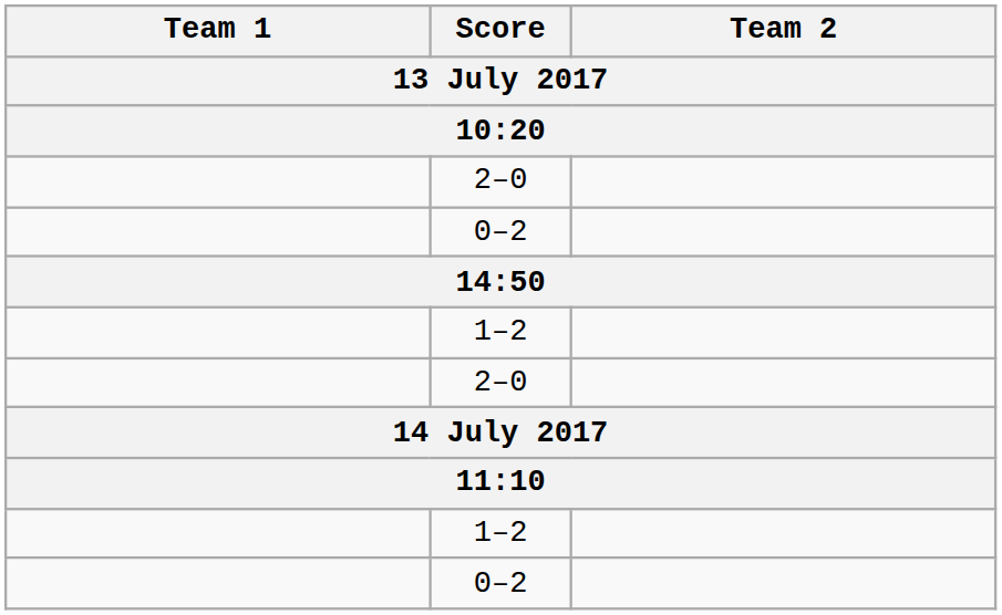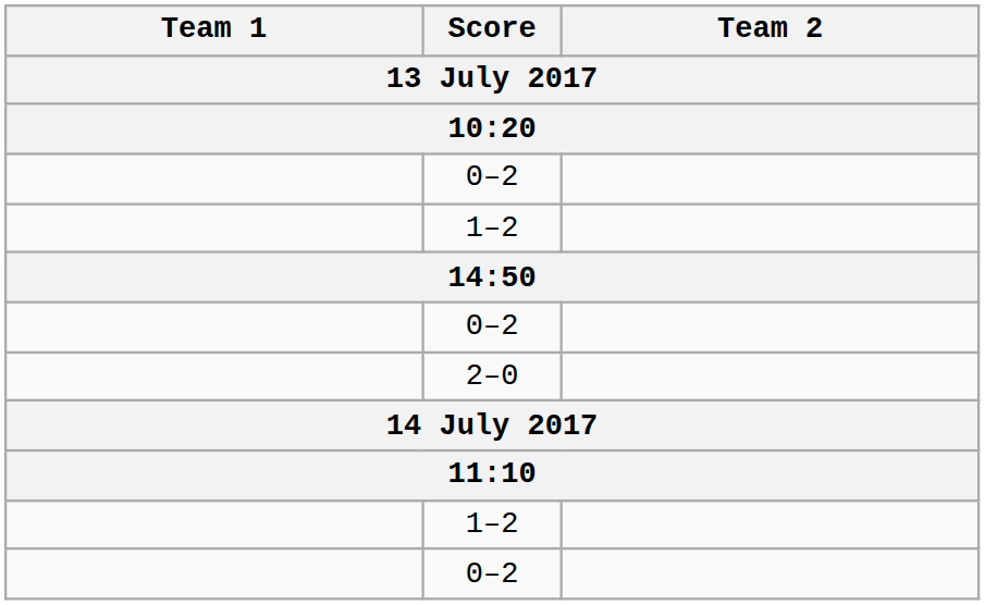 <table class="wikitable" style="text-align: center; font-size:90% ">
 <tr>
 <th align="right" width="160">Team 1</th>
 <th width="50">Score</th>
 <th align="left" width="160">Team 2</th>
 </tr>
 <tr>
 <th colspan=3>13 July 2017</th>
 </tr>
 <tr>
 <th colspan=3>10:20</th>
 </tr>
 <tr>
 <td align=right></td>
-<td align=center>2–0</td>
+<td align=center>0–2</td>
 <td align=left></td>
 </tr>
 <tr>
 <td align=right></td>
-<td align=center>0–2</td>
+<td align=center>1–2</td>
 <td align=left></td>
 </tr>
 <tr>
 <th colspan=3>14:50</th>
 </tr>
 <tr>
 <td align=right></td>
-<td align=center>1–2</td>
+<td align=center>0–2</td>
 <td align=left></td>
 </tr>
 <tr>
 <td align=right></td>
 <td align=center>2–0</td>
 <td align=left></td>
 </tr>
 <tr>
 <th colspan=3>14 July 2017</th>
 </tr>
 <tr>
 <th colspan=3>11:10</th>
 </tr>
 <tr>
 <td align=right></td>
 <td align=center>1–2</td>
 <td align=left></td>
 </tr>
 <tr>
 <td align=right></td>
 <td align=center>0–2</td>
 <td align=left></td>
 </tr>
 </table>
